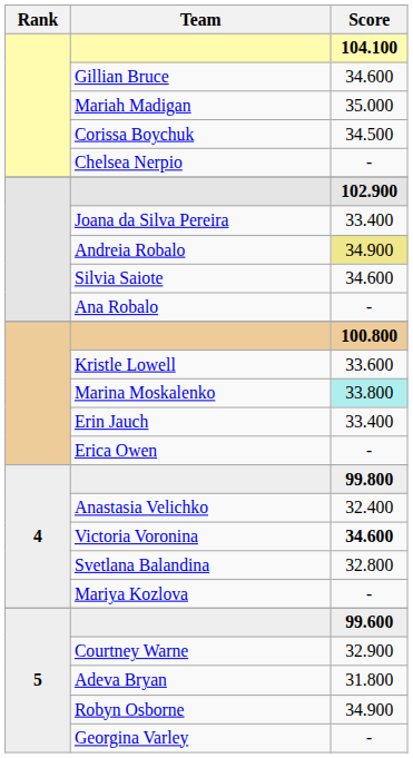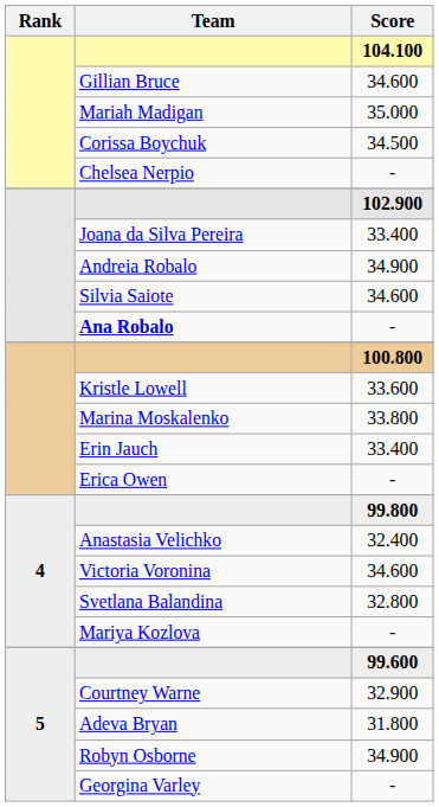 <table class="wikitable" style="text-align:center; font-size:95%">
 <tr>
 <th style="width:50px;">Rank</th>
 <th style="width:220px;">Team</th>
 <th style="width:60px;">Score</th>
 </tr>
 <tr style="background:#fffcaf;">
 <td rowspan=5></td>
 <td style="text-align:left;"><strong></strong></td>
 <td><strong>104.100</strong></td>
 </tr>
 <tr>
 <td style="text-align:left;"><a href='#'>Gillian Bruce</a></td>
 <td>34.600</td>
 </tr>
 <tr>
 <td style="text-align:left;"><a href='#'>Mariah Madigan</a></td>
 <td>35.000</td>
 </tr>
 <tr>
 <td style="text-align:left;"><a href='#'>Corissa Boychuk</a></td>
 <td>34.500</td>
 </tr>
 <tr>
 <td style="text-align:left;"><a href='#'>Chelsea Nerpio</a></td>
 <td>-</td>
 </tr>
 <tr>
 </tr>
 <tr style="background:#e5e5e5;">
 <td rowspan=5></td>
 <td style="text-align:left;"><strong></strong></td>
 <td><strong>102.900</strong></td>
 </tr>
 <tr>
 <td style="text-align:left;"><a href='#'>Joana da Silva Pereira</a></td>
 <td>33.400</td>
 </tr>
 <tr>
 <td style="text-align:left;"><a href='#'>Andreia Robalo</a></td>
-<td style="background: khaki;">34.900</td>
+<td>34.900</td>
 </tr>
 <tr>
 <td style="text-align:left;"><a href='#'>Silvia Saiote</a></td>
 <td>34.600</td>
 </tr>
 <tr>
-<td style="text-align:left;"><a href='#'>Ana Robalo</a></td>
+<td style="text-align:left;"><strong><a href='#'>Ana Robalo</a></strong></td>
 <td>-</td>
 </tr>
 <tr>
 </tr>
 <tr style="background:#ec9;">
 <td rowspan=5></td>
 <td style="text-align:left;"><strong></strong></td>
 <td><strong>100.800</strong></td>
 </tr>
 <tr>
 <td style="text-align:left;"><a href='#'>Kristle Lowell</a></td>
 <td>33.600</td>
 </tr>
 <tr>
 <td style="text-align:left;"><a href='#'>Marina Moskalenko</a></td>
-<td style="background: paleturquoise;">33.800</td>
+<td>33.800</td>
 </tr>
 <tr>
 <td style="text-align:left;"><a href='#'>Erin Jauch</a></td>
 <td>33.400</td>
 </tr>
 <tr>
 <td style="text-align:left;"><a href='#'>Erica Owen</a></td>
 <td>-</td>
 </tr>
 <tr>
 </tr>
 <tr style="background:#eee;">
 <td rowspan=5><strong>4</strong></td>
 <td style="text-align:left;"><strong></strong></td>
 <td><strong>99.800</strong></td>
 </tr>
 <tr>
 <td style="text-align:left;"><a href='#'>Anastasia Velichko</a></td>
 <td>32.400</td>
 </tr>
 <tr>
 <td style="text-align:left;"><a href='#'>Victoria Voronina</a></td>
-<td><strong>34.600</strong></td>
+<td>34.600</td>
 </tr>
 <tr>
 <td style="text-align:left;"><a href='#'>Svetlana Balandina</a></td>
 <td>32.800</td>
 </tr>
 <tr>
 <td style="text-align:left;"><a href='#'>Mariya Kozlova</a></td>
 <td>-</td>
 </tr>
 <tr>
 </tr>
 <tr style="background:#eee;">
 <td rowspan=5><strong>5</strong></td>
 <td style="text-align:left;"><strong></strong></td>
 <td><strong>99.600</strong></td>
 </tr>
 <tr>
 <td style="text-align:left;"><a href='#'>Courtney Warne</a></td>
 <td>32.900</td>
 </tr>
 <tr>
 <td style="text-align:left;"><a href='#'>Adeva Bryan</a></td>
 <td>31.800</td>
 </tr>
 <tr>
 <td style="text-align:left;"><a href='#'>Robyn Osborne</a></td>
 <td>34.900</td>
 </tr>
 <tr>
 <td style="text-align:left;"><a href='#'>Georgina Varley</a></td>
 <td>-</td>
 </tr>
 </table>
